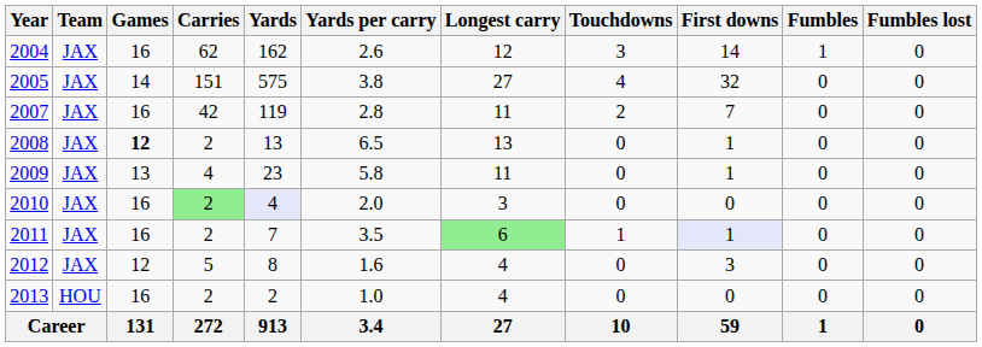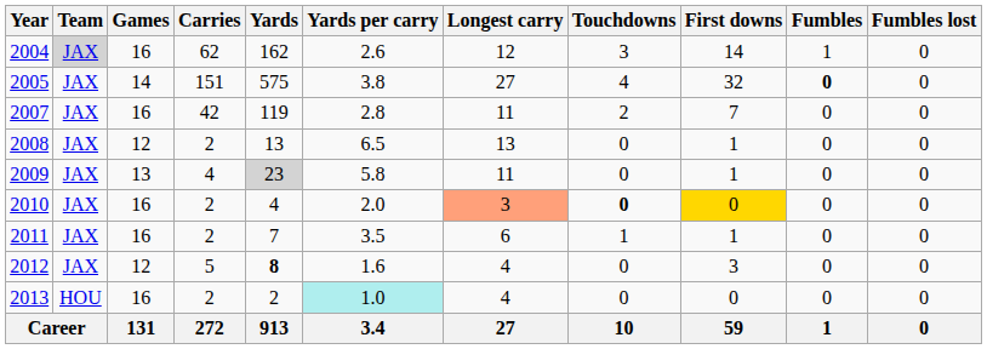 <table class="wikitable" style="text-align:center">
 <tr>
 <th>Year</th>
 <th>Team</th>
 <th>Games</th>
 <th>Carries</th>
 <th>Yards</th>
 <th>Yards per carry</th>
 <th>Longest carry</th>
 <th>Touchdowns</th>
 <th>First downs</th>
 <th>Fumbles</th>
 <th>Fumbles lost</th>
 </tr>
 <tr>
 <td><a href='#'>2004</a></td>
-<td><a href='#'>JAX</a></td>
+<td style="background: lightgrey;"><a href='#'>JAX</a></td>
 <td>16</td>
 <td>62</td>
 <td>162</td>
 <td>2.6</td>
 <td>12</td>
 <td>3</td>
 <td>14</td>
 <td>1</td>
 <td>0</td>
 </tr>
 <tr>
 <td><a href='#'>2005</a></td>
 <td><a href='#'>JAX</a></td>
 <td>14</td>
 <td>151</td>
 <td>575</td>
 <td>3.8</td>
 <td>27</td>
 <td>4</td>
 <td>32</td>
-<td>0</td>
+<td><strong>0</strong></td>
 <td>0</td>
 </tr>
 <tr>
 <td><a href='#'>2007</a></td>
 <td><a href='#'>JAX</a></td>
 <td>16</td>
 <td>42</td>
 <td>119</td>
 <td>2.8</td>
 <td>11</td>
 <td>2</td>
 <td>7</td>
 <td>0</td>
 <td>0</td>
 </tr>
 <tr>
 <td><a href='#'>2008</a></td>
 <td><a href='#'>JAX</a></td>
-<td><strong>12</strong></td>
+<td>12</td>
 <td>2</td>
 <td>13</td>
 <td>6.5</td>
 <td>13</td>
 <td>0</td>
 <td>1</td>
 <td>0</td>
 <td>0</td>
 </tr>
 <tr>
 <td><a href='#'>2009</a></td>
 <td><a href='#'>JAX</a></td>
 <td>13</td>
 <td>4</td>
-<td>23</td>
+<td style="background: lightgrey;">23</td>
 <td>5.8</td>
 <td>11</td>
 <td>0</td>
 <td>1</td>
 <td>0</td>
 <td>0</td>
 </tr>
 <tr>
 <td><a href='#'>2010</a></td>
 <td><a href='#'>JAX</a></td>
 <td>16</td>
-<td style="background: lightgreen;">2</td>
-<td style="background: lavender;">4</td>
+<td>2</td>
+<td>4</td>
 <td>2.0</td>
-<td>3</td>
-<td>0</td>
-<td>0</td>
+<td style="background: lightsalmon;">3</td>
+<td><strong>0</strong></td>
+<td style="background: gold;">0</td>
 <td>0</td>
 <td>0</td>
 </tr>
 <tr>
 <td><a href='#'>2011</a></td>
 <td><a href='#'>JAX</a></td>
 <td>16</td>
 <td>2</td>
 <td>7</td>
 <td>3.5</td>
-<td style="background: lightgreen;">6</td>
+<td>6</td>
 <td>1</td>
-<td style="background: lavender;">1</td>
+<td>1</td>
 <td>0</td>
 <td>0</td>
 </tr>
 <tr>
 <td><a href='#'>2012</a></td>
 <td><a href='#'>JAX</a></td>
 <td>12</td>
 <td>5</td>
-<td>8</td>
+<td><strong>8</strong></td>
 <td>1.6</td>
 <td>4</td>
 <td>0</td>
 <td>3</td>
 <td>0</td>
 <td>0</td>
 </tr>
 <tr>
 <td><a href='#'>2013</a></td>
 <td><a href='#'>HOU</a></td>
 <td>16</td>
 <td>2</td>
 <td>2</td>
-<td>1.0</td>
+<td style="background: paleturquoise;">1.0</td>
 <td>4</td>
 <td>0</td>
 <td>0</td>
 <td>0</td>
 <td>0</td>
 </tr>
 <tr>
 <th colspan="2">Career</th>
 <th>131</th>
 <th>272</th>
 <th>913</th>
 <th>3.4</th>
 <th>27</th>
 <th>10</th>
 <th>59</th>
 <th>1</th>
 <th>0</th>
 </tr>
 </table>
